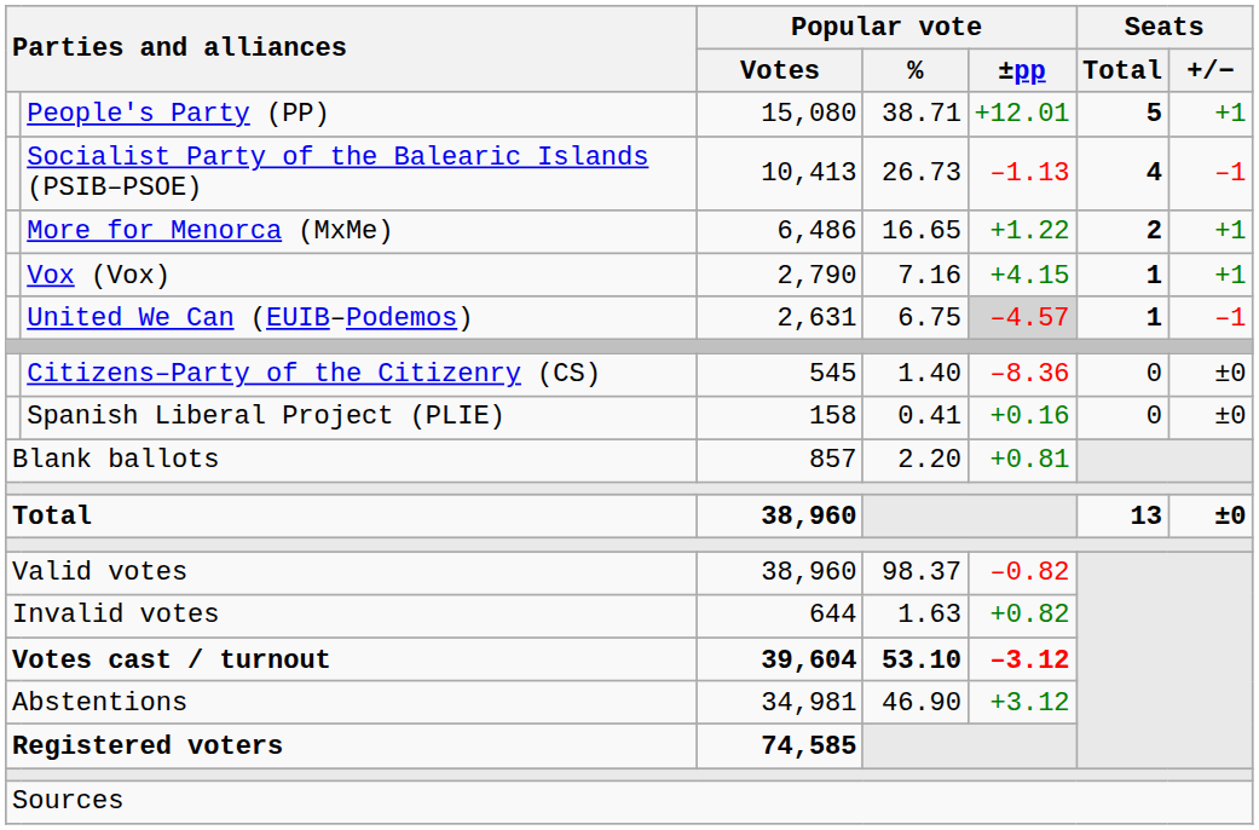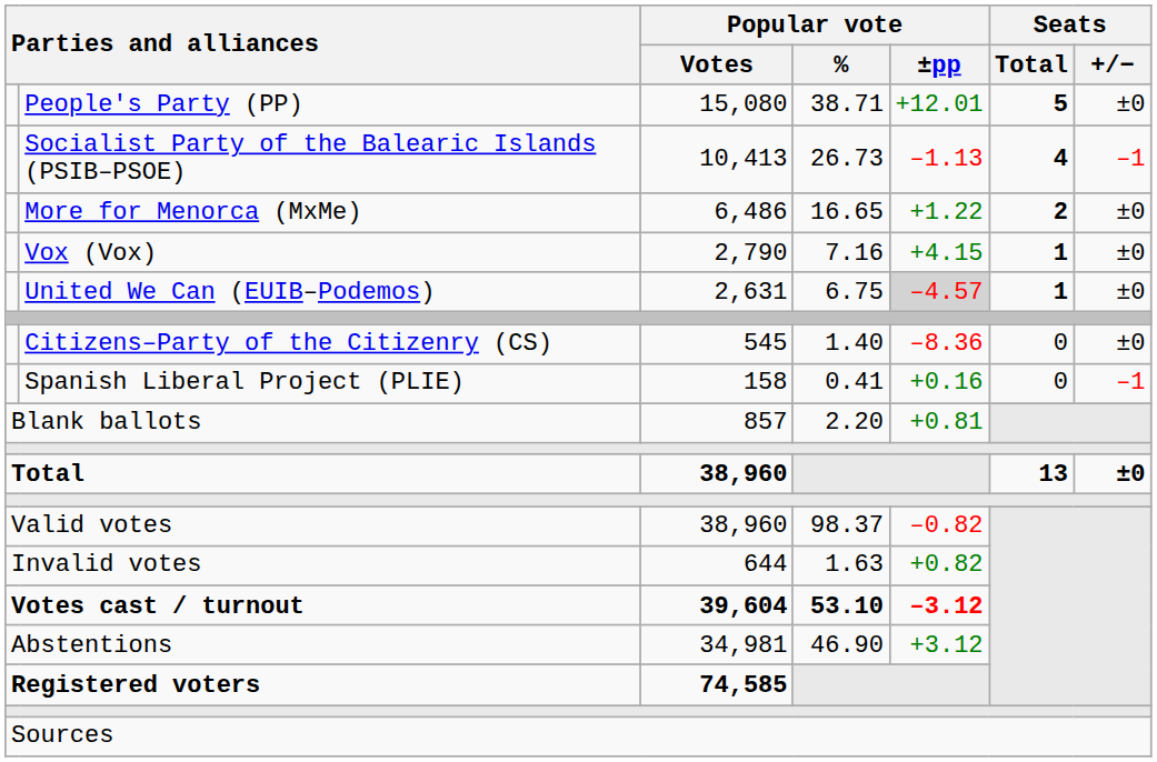 <table class="wikitable" style="text-align:right;">
 <tr>
 <th style="text-align:left;" rowspan="2" colspan="2" width="525">Parties and alliances</th>
 <th colspan="3">Popular vote</th>
 <th colspan="2">Seats</th>
 </tr>
 <tr>
 <th width="75">Votes</th>
 <th width="45">%</th>
 <th width="45">±<a href='#'>pp</a></th>
 <th width="35">Total</th>
 <th width="35">+/−</th>
 </tr>
 <tr>
 <td width="1" style="color:inherit;background:"></td>
 <td align="left"><a href='#'>People's Party</a> (PP)</td>
 <td>15,080</td>
 <td>38.71</td>
 <td style="color:green;">+12.01</td>
 <td><strong>5</strong></td>
-<td style="color:green;">+1</td>
+<td>±0</td>
 </tr>
 <tr>
 <td style="color:inherit;background:"></td>
 <td align="left"><a href='#'>Socialist Party of the Balearic Islands</a> (PSIB–PSOE)</td>
 <td>10,413</td>
 <td>26.73</td>
 <td style="color:red;">–1.13</td>
 <td><strong>4</strong></td>
 <td style="color:red;">–1</td>
 </tr>
 <tr>
 <td style="color:inherit;background:"></td>
 <td align="left"><a href='#'>More for Menorca</a> (MxMe)</td>
 <td>6,486</td>
 <td>16.65</td>
 <td style="color:green;">+1.22</td>
 <td><strong>2</strong></td>
-<td style="color:green;">+1</td>
+<td>±0</td>
 </tr>
 <tr>
 <td style="color:inherit;background:"></td>
 <td align="left"><a href='#'>Vox</a> (Vox)</td>
 <td>2,790</td>
 <td>7.16</td>
 <td style="color:green;">+4.15</td>
 <td><strong>1</strong></td>
-<td style="color:green;">+1</td>
+<td>±0</td>
 </tr>
 <tr>
 <td style="color:inherit;background:"></td>
 <td align="left"><a href='#'>United We Can</a> (<a href='#'>EUIB</a>–<a href='#'>Podemos</a>)</td>
 <td>2,631</td>
 <td>6.75</td>
 <td style="background: lightgrey; color:red;">–4.57</td>
 <td><strong>1</strong></td>
-<td style="color:red;">–1</td>
+<td>±0</td>
 </tr>
 <tr>
 <td colspan="7" bgcolor="#C0C0C0"></td>
 </tr>
 <tr>
 <td style="color:inherit;background:"></td>
 <td align="left"><a href='#'>Citizens–Party of the Citizenry</a> (CS)</td>
 <td>545</td>
 <td>1.40</td>
 <td style="color:red;">–8.36</td>
 <td>0</td>
 <td>±0</td>
 </tr>
 <tr>
 <td style="color:inherit;background:"></td>
 <td align="left">Spanish Liberal Project (PLIE)</td>
 <td>158</td>
 <td>0.41</td>
 <td style="color:green;">+0.16</td>
 <td>0</td>
-<td>±0</td>
+<td style="color:red;">–1</td>
 </tr>
 <tr>
 <td align="left" colspan="2">Blank ballots</td>
 <td>857</td>
 <td>2.20</td>
 <td style="color:green;">+0.81</td>
 <td bgcolor="#E9E9E9" colspan="2"></td>
 </tr>
 <tr>
 <td colspan="7" bgcolor="#E9E9E9"></td>
 </tr>
 <tr style="font-weight:bold;">
 <td align="left" colspan="2">Total</td>
 <td>38,960</td>
 <td bgcolor="#E9E9E9" colspan="2"></td>
 <td>13</td>
 <td>±0</td>
 </tr>
 <tr>
 <td colspan="7" bgcolor="#E9E9E9"></td>
 </tr>
 <tr>
 <td align="left" colspan="2">Valid votes</td>
 <td>38,960</td>
 <td>98.37</td>
 <td style="color:red;">–0.82</td>
 <td bgcolor="#E9E9E9" colspan="2" rowspan="5"></td>
 </tr>
 <tr>
 <td align="left" colspan="2">Invalid votes</td>
 <td>644</td>
 <td>1.63</td>
 <td style="color:green;">+0.82</td>
 </tr>
 <tr style="font-weight:bold;">
 <td align="left" colspan="2">Votes cast / turnout</td>
 <td>39,604</td>
 <td>53.10</td>
 <td style="color:red;">–3.12</td>
 </tr>
 <tr>
 <td align="left" colspan="2">Abstentions</td>
 <td>34,981</td>
 <td>46.90</td>
 <td style="color:green;">+3.12</td>
 </tr>
 <tr style="font-weight:bold;">
 <td align="left" colspan="2">Registered voters</td>
 <td>74,585</td>
 <td bgcolor="#E9E9E9" colspan="2"></td>
 </tr>
 <tr>
 <td colspan="7" bgcolor="#E9E9E9"></td>
 </tr>
 <tr>
 <td align="left" colspan="7">Sources</td>
 </tr>
 </table>
